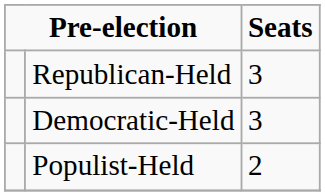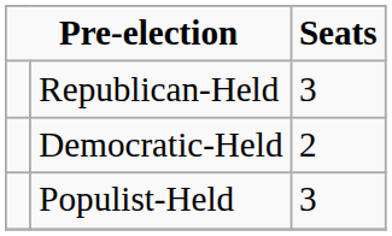 <table class= "wikitable">
 <tr>
 <td colspan= "2" rowspan= "1" align= "center" valign= "top"><strong>Pre-election</strong></td>
 <td valign= "top"><strong>Seats</strong><br></td>
 </tr>
 <tr>
 <td style="background-color:"> </td>
 <td>Republican-Held</td>
 <td>3</td>
 </tr>
 <tr>
 <td style="background-color:"> </td>
 <td>Democratic-Held</td>
-<td>3</td>
+<td>2</td>
 </tr>
 <tr>
 <td style="background-color:"> </td>
 <td>Populist-Held</td>
-<td>2</td>
+<td>3</td>
 </tr>
 <tr>
 </tr>
 </table>
